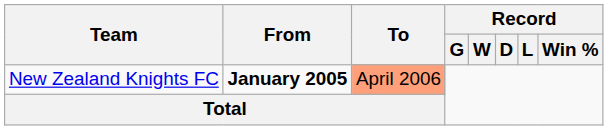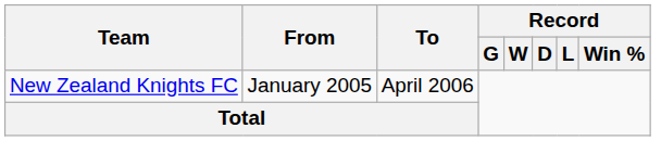 <table class="wikitable" style="text-align: center">
 <tr>
 <th rowspan=2>Team</th>
 <th rowspan=2>From</th>
 <th rowspan=2>To</th>
 <th colspan=5>Record</th>
 </tr>
 <tr>
 <th>G</th>
 <th>W</th>
 <th>D</th>
 <th>L</th>
 <th>Win %</th>
 </tr>
 <tr>
 <td align=left><a href='#'>New Zealand Knights FC</a></td>
-<td align=left><strong>January 2005</strong></td>
-<td align=left style="background: lightsalmon;">April 2006<br></td>
+<td align=left>January 2005</td>
+<td align=left>April 2006<br></td>
 </tr>
 <tr>
 <th colspan=3>Total<br></th>
 </tr>
 </table>
